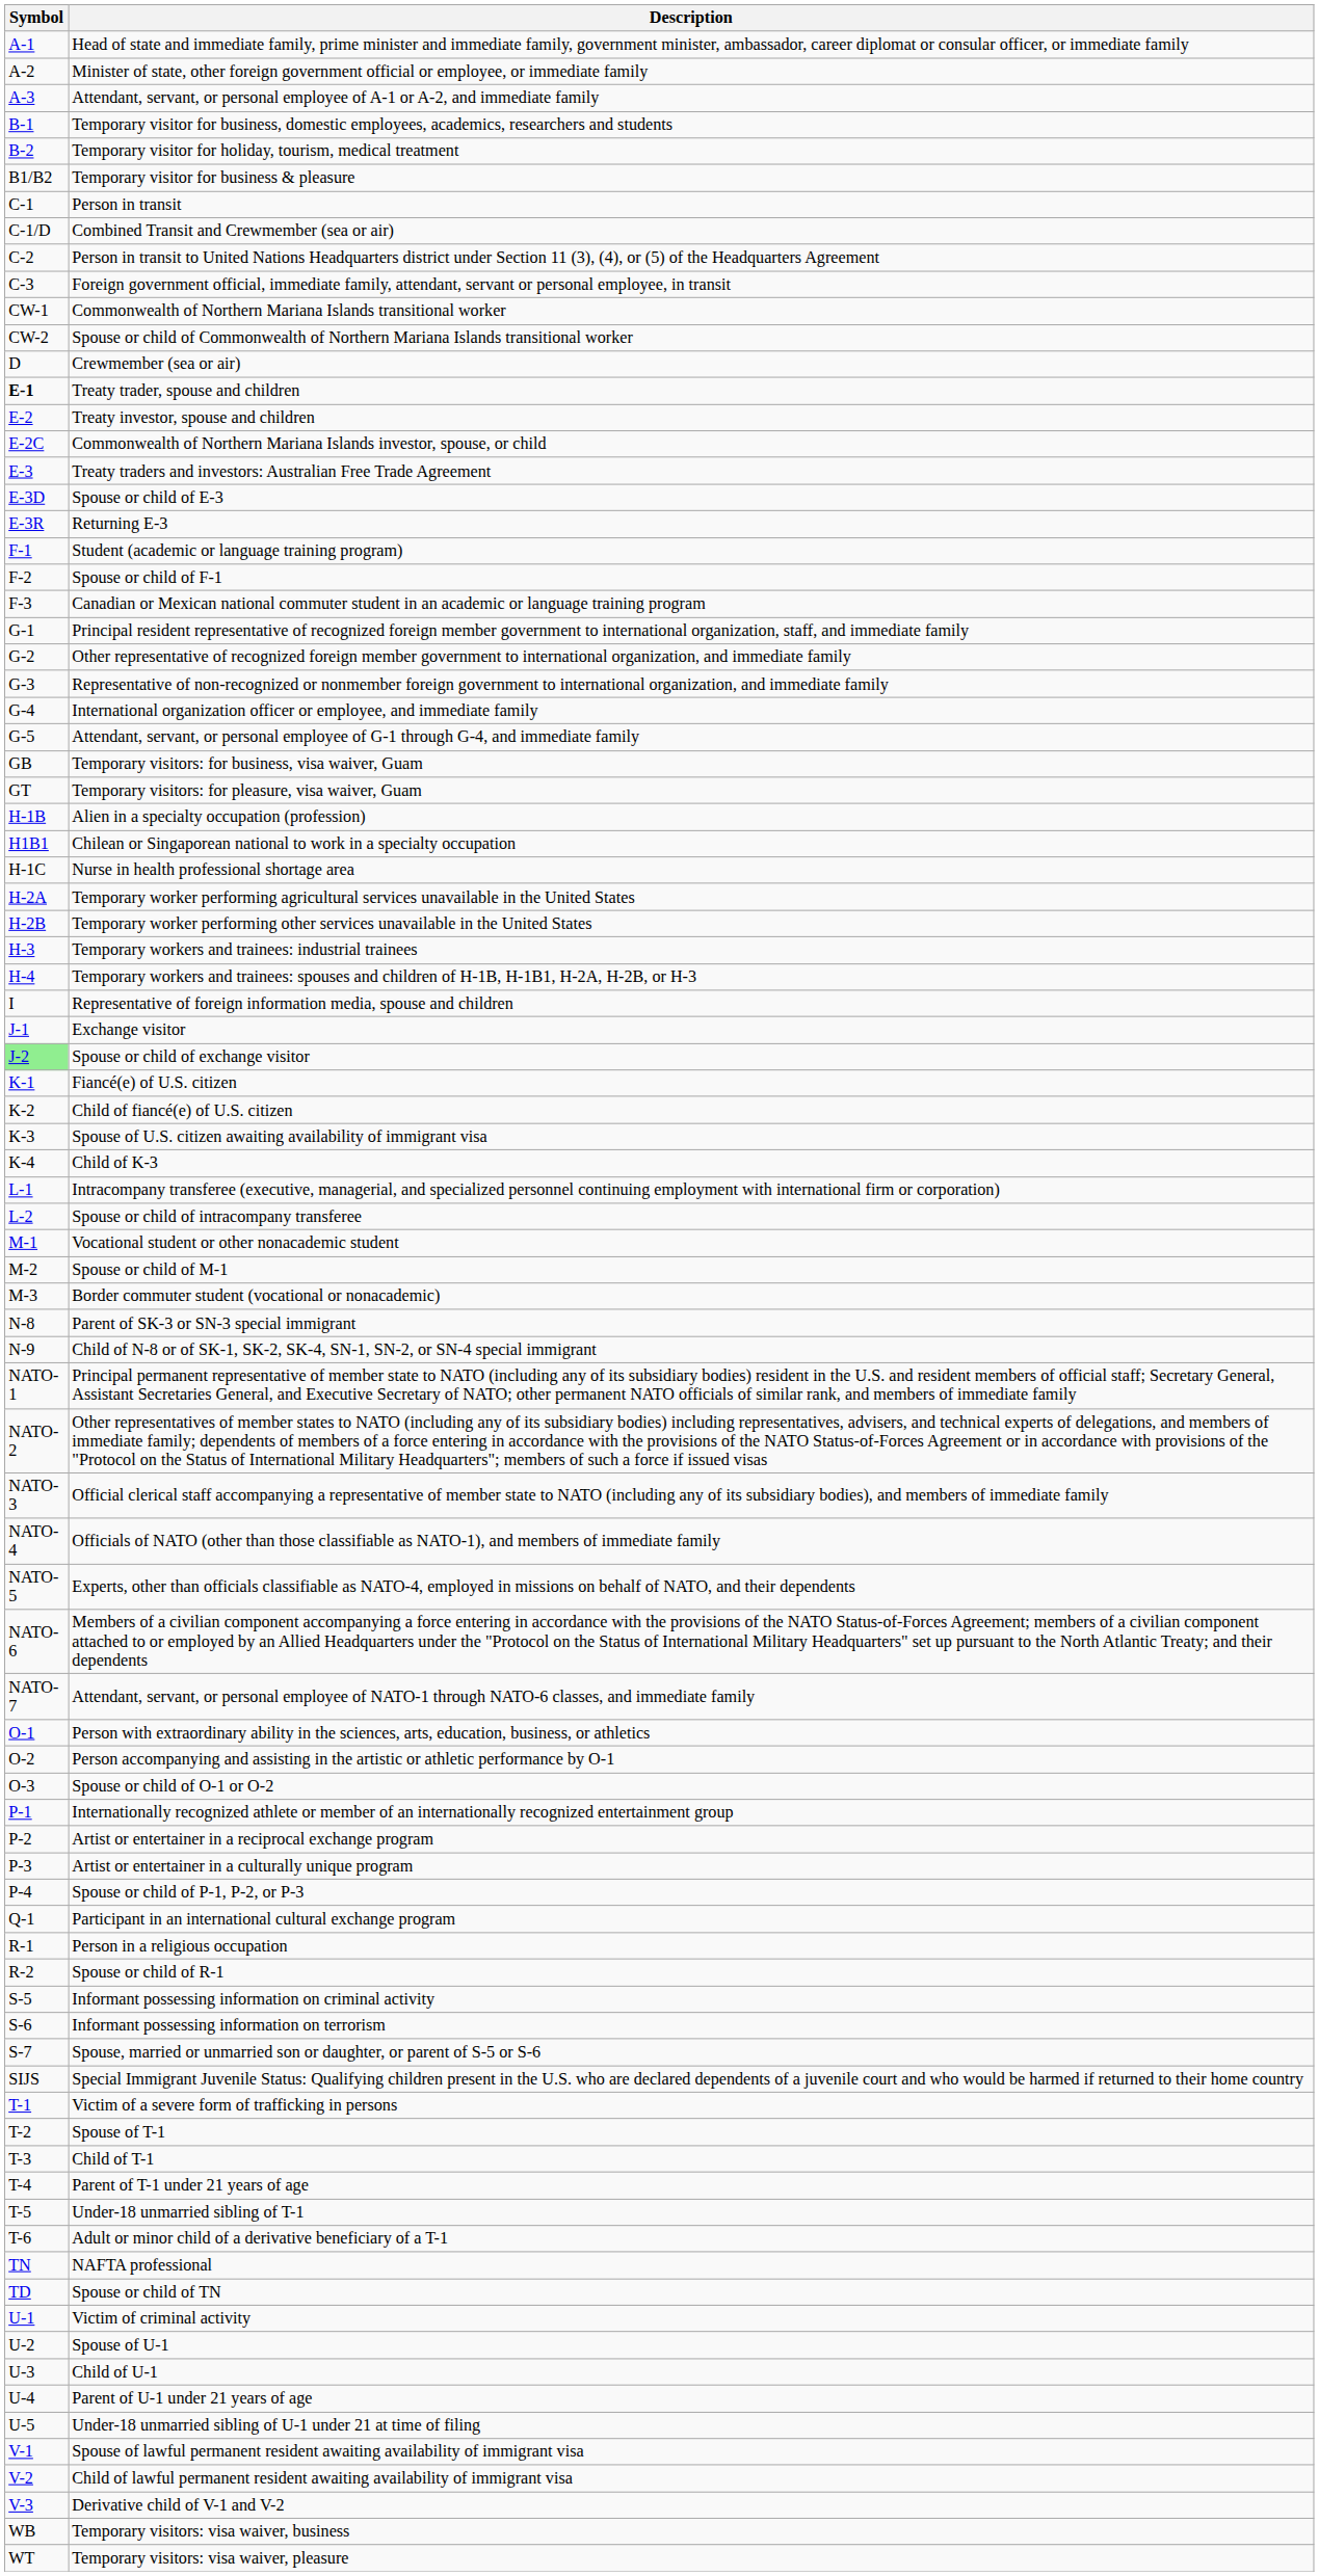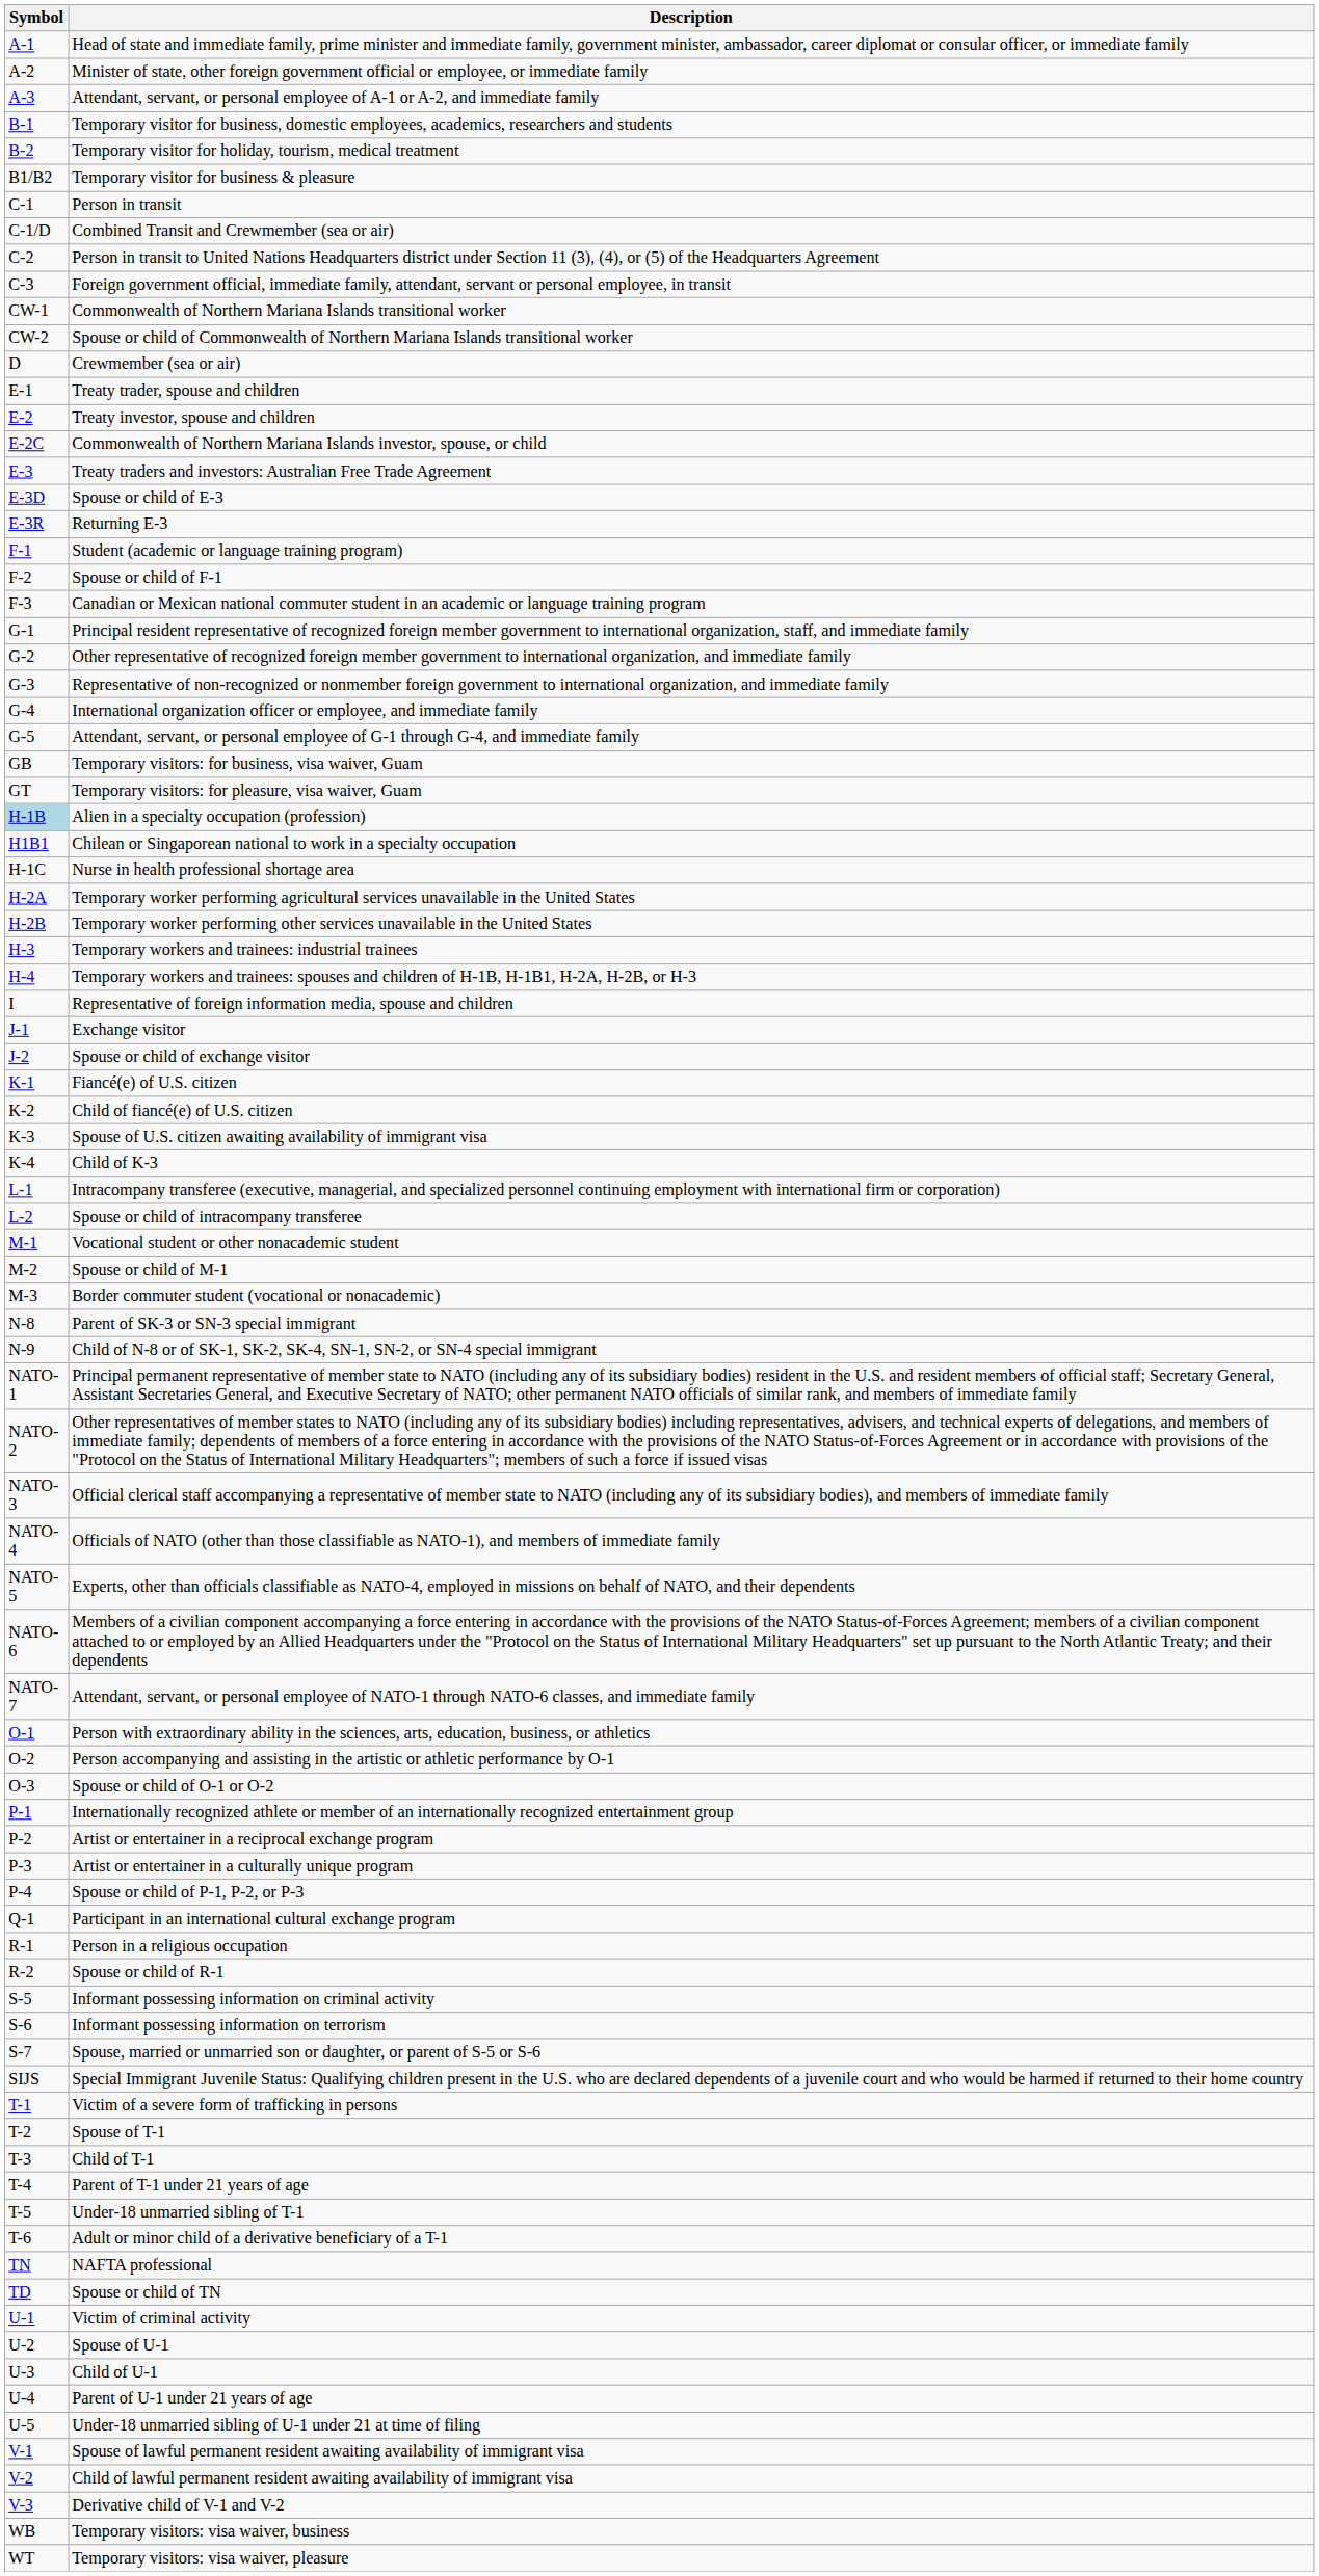 <table class="wikitable collapsible">
 <tr>
 <th>Symbol</th>
 <th>Description</th>
 </tr>
 <tr>
 <td><a href='#'>A-1</a></td>
 <td>Head of state and immediate family, prime minister and immediate family, government minister, ambassador, career diplomat or consular officer, or immediate family</td>
 </tr>
 <tr>
 <td>A-2</td>
 <td>Minister of state, other foreign government official or employee, or immediate family</td>
 </tr>
 <tr>
 <td><a href='#'>A-3</a></td>
 <td>Attendant, servant, or personal employee of A-1 or A-2, and immediate family</td>
 </tr>
 <tr>
 <td><a href='#'>B-1</a></td>
 <td>Temporary visitor for business, domestic employees, academics, researchers and students</td>
 </tr>
 <tr>
 <td><a href='#'>B-2</a></td>
 <td>Temporary visitor for holiday, tourism, medical treatment</td>
 </tr>
 <tr>
 <td>B1/B2</td>
 <td>Temporary visitor for business & pleasure</td>
 </tr>
 <tr>
 <td>C-1</td>
 <td>Person in transit</td>
 </tr>
 <tr>
 <td>C-1/D</td>
 <td>Combined Transit and Crewmember (sea or air)</td>
 </tr>
 <tr>
 <td>C-2</td>
 <td>Person in transit to United Nations Headquarters district under Section 11 (3), (4), or (5) of the Headquarters Agreement</td>
 </tr>
 <tr>
 <td>C-3</td>
 <td>Foreign government official, immediate family, attendant, servant or personal employee, in transit</td>
 </tr>
 <tr>
 <td>CW-1</td>
 <td>Commonwealth of Northern Mariana Islands transitional worker</td>
 </tr>
 <tr>
 <td>CW-2</td>
 <td>Spouse or child of Commonwealth of Northern Mariana Islands transitional worker</td>
 </tr>
 <tr>
 <td>D</td>
 <td>Crewmember (sea or air)</td>
 </tr>
 <tr>
-<td><strong>E-1</strong></td>
+<td>E-1</td>
 <td>Treaty trader, spouse and children</td>
 </tr>
 <tr>
 <td><a href='#'>E-2</a></td>
 <td>Treaty investor, spouse and children</td>
 </tr>
 <tr>
 <td><a href='#'>E-2C</a></td>
 <td>Commonwealth of Northern Mariana Islands investor, spouse, or child</td>
 </tr>
 <tr>
 <td><a href='#'>E-3</a></td>
 <td>Treaty traders and investors: Australian Free Trade Agreement</td>
 </tr>
 <tr>
 <td><a href='#'>E-3D</a></td>
 <td>Spouse or child of E-3</td>
 </tr>
 <tr>
 <td><a href='#'>E-3R</a></td>
 <td>Returning E-3</td>
 </tr>
 <tr>
 <td><a href='#'>F-1</a></td>
 <td>Student (academic or language training program)</td>
 </tr>
 <tr>
 <td>F-2</td>
 <td>Spouse or child of F-1</td>
 </tr>
 <tr>
 <td>F-3</td>
 <td>Canadian or Mexican national commuter student in an academic or language training program</td>
 </tr>
 <tr>
 <td>G-1</td>
 <td>Principal resident representative of recognized foreign member government to international organization, staff, and immediate family</td>
 </tr>
 <tr>
 <td>G-2</td>
 <td>Other representative of recognized foreign member government to international organization, and immediate family</td>
 </tr>
 <tr>
 <td>G-3</td>
 <td>Representative of non-recognized or nonmember foreign government to international organization, and immediate family</td>
 </tr>
 <tr>
 <td>G-4</td>
 <td>International organization officer or employee, and immediate family</td>
 </tr>
 <tr>
 <td>G-5</td>
 <td>Attendant, servant, or personal employee of G-1 through G-4, and immediate family</td>
 </tr>
 <tr>
 <td>GB</td>
 <td>Temporary visitors: for business, visa waiver, Guam</td>
 </tr>
 <tr>
 <td>GT</td>
 <td>Temporary visitors: for pleasure, visa waiver, Guam</td>
 </tr>
 <tr>
-<td><a href='#'>H-1B</a></td>
+<td style="background: lightblue;"><a href='#'>H-1B</a></td>
 <td>Alien in a specialty occupation (profession)</td>
 </tr>
 <tr>
 <td><a href='#'>H1B1</a></td>
 <td>Chilean or Singaporean national to work in a specialty occupation</td>
 </tr>
 <tr>
 <td>H-1C</td>
 <td>Nurse in health professional shortage area</td>
 </tr>
 <tr>
 <td><a href='#'>H-2A</a></td>
 <td>Temporary worker performing agricultural services unavailable in the United States</td>
 </tr>
 <tr>
 <td><a href='#'>H-2B</a></td>
 <td>Temporary worker performing other services unavailable in the United States</td>
 </tr>
 <tr>
 <td><a href='#'>H-3</a></td>
 <td>Temporary workers and trainees: industrial trainees</td>
 </tr>
 <tr>
 <td><a href='#'>H-4</a></td>
 <td>Temporary workers and trainees: spouses and children of H-1B, H-1B1, H-2A, H-2B, or H-3</td>
 </tr>
 <tr>
 <td>I</td>
 <td>Representative of foreign information media, spouse and children</td>
 </tr>
 <tr>
 <td><a href='#'>J-1</a></td>
 <td>Exchange visitor</td>
 </tr>
 <tr>
-<td style="background: lightgreen;"><a href='#'>J-2</a></td>
+<td><a href='#'>J-2</a></td>
 <td>Spouse or child of exchange visitor</td>
 </tr>
 <tr>
 <td><a href='#'>K-1</a></td>
 <td>Fiancé(e) of U.S. citizen</td>
 </tr>
 <tr>
 <td>K-2</td>
 <td>Child of fiancé(e) of U.S. citizen</td>
 </tr>
 <tr>
 <td>K-3</td>
 <td>Spouse of U.S. citizen awaiting availability of immigrant visa</td>
 </tr>
 <tr>
 <td>K-4</td>
 <td>Child of K-3</td>
 </tr>
 <tr>
 <td><a href='#'>L-1</a></td>
 <td>Intracompany transferee (executive, managerial, and specialized personnel continuing employment with international firm or corporation)</td>
 </tr>
 <tr>
 <td><a href='#'>L-2</a></td>
 <td>Spouse or child of intracompany transferee</td>
 </tr>
 <tr>
 <td><a href='#'>M-1</a></td>
 <td>Vocational student or other nonacademic student</td>
 </tr>
 <tr>
 <td>M-2</td>
 <td>Spouse or child of M-1</td>
 </tr>
 <tr>
 <td>M-3</td>
 <td>Border commuter student (vocational or nonacademic)</td>
 </tr>
 <tr>
 <td>N-8</td>
 <td>Parent of SK-3 or SN-3 special immigrant</td>
 </tr>
 <tr>
 <td>N-9</td>
 <td>Child of N-8 or of SK-1, SK-2, SK-4, SN-1, SN-2, or SN-4 special immigrant</td>
 </tr>
 <tr>
 <td>NATO-1</td>
 <td>Principal permanent representative of member state to NATO (including any of its subsidiary bodies) resident in the U.S. and resident members of official staff; Secretary General, Assistant Secretaries General, and Executive Secretary of NATO; other permanent NATO officials of similar rank, and members of immediate family</td>
 </tr>
 <tr>
 <td>NATO-2</td>
 <td>Other representatives of member states to NATO (including any of its subsidiary bodies) including representatives, advisers, and technical experts of delegations, and members of immediate family; dependents of members of a force entering in accordance with the provisions of the NATO Status-of-Forces Agreement or in accordance with provisions of the "Protocol on the Status of International Military Headquarters"; members of such a force if issued visas</td>
 </tr>
 <tr>
 <td>NATO-3</td>
 <td>Official clerical staff accompanying a representative of member state to NATO (including any of its subsidiary bodies), and members of immediate family</td>
 </tr>
 <tr>
 <td>NATO-4</td>
 <td>Officials of NATO (other than those classifiable as NATO-1), and members of immediate family</td>
 </tr>
 <tr>
 <td>NATO-5</td>
 <td>Experts, other than officials classifiable as NATO-4, employed in missions on behalf of NATO, and their dependents</td>
 </tr>
 <tr>
 <td>NATO-6</td>
 <td>Members of a civilian component accompanying a force entering in accordance with the provisions of the NATO Status-of-Forces Agreement; members of a civilian component attached to or employed by an Allied Headquarters under the "Protocol on the Status of International Military Headquarters" set up pursuant to the North Atlantic Treaty; and their dependents</td>
 </tr>
 <tr>
 <td>NATO-7</td>
 <td>Attendant, servant, or personal employee of NATO-1 through NATO-6 classes, and immediate family</td>
 </tr>
 <tr>
 <td><a href='#'>O-1</a></td>
 <td>Person with extraordinary ability in the sciences, arts, education, business, or athletics</td>
 </tr>
 <tr>
 <td>O-2</td>
 <td>Person accompanying and assisting in the artistic or athletic performance by O-1</td>
 </tr>
 <tr>
 <td>O-3</td>
 <td>Spouse or child of O-1 or O-2</td>
 </tr>
 <tr>
 <td><a href='#'>P-1</a></td>
 <td>Internationally recognized athlete or member of an internationally recognized entertainment group</td>
 </tr>
 <tr>
 <td>P-2</td>
 <td>Artist or entertainer in a reciprocal exchange program</td>
 </tr>
 <tr>
 <td>P-3</td>
 <td>Artist or entertainer in a culturally unique program</td>
 </tr>
 <tr>
 <td>P-4</td>
 <td>Spouse or child of P-1, P-2, or P-3</td>
 </tr>
 <tr>
 <td>Q-1</td>
 <td>Participant in an international cultural exchange program</td>
 </tr>
 <tr>
 <td>R-1</td>
 <td>Person in a religious occupation</td>
 </tr>
 <tr>
 <td>R-2</td>
 <td>Spouse or child of R-1</td>
 </tr>
 <tr>
 <td>S-5</td>
 <td>Informant possessing information on criminal activity</td>
 </tr>
 <tr>
 <td>S-6</td>
 <td>Informant possessing information on terrorism</td>
 </tr>
 <tr>
 <td>S-7</td>
 <td>Spouse, married or unmarried son or daughter, or parent of S-5 or S-6</td>
 </tr>
 <tr>
 <td>SIJS</td>
 <td>Special Immigrant Juvenile Status: Qualifying children present in the U.S. who are declared dependents of a juvenile court and who would be harmed if returned to their home country</td>
 </tr>
 <tr>
 <td><a href='#'>T-1</a></td>
 <td>Victim of a severe form of trafficking in persons</td>
 </tr>
 <tr>
 <td>T-2</td>
 <td>Spouse of T-1</td>
 </tr>
 <tr>
 <td>T-3</td>
 <td>Child of T-1</td>
 </tr>
 <tr>
 <td>T-4</td>
 <td>Parent of T-1 under 21 years of age</td>
 </tr>
 <tr>
 <td>T-5</td>
 <td>Under-18 unmarried sibling of T-1</td>
 </tr>
 <tr>
 <td>T-6</td>
 <td>Adult or minor child of a derivative beneficiary of a T-1</td>
 </tr>
 <tr>
 <td><a href='#'>TN</a></td>
 <td>NAFTA professional</td>
 </tr>
 <tr>
 <td><a href='#'>TD</a></td>
 <td>Spouse or child of TN</td>
 </tr>
 <tr>
 <td><a href='#'>U-1</a></td>
 <td>Victim of criminal activity</td>
 </tr>
 <tr>
 <td>U-2</td>
 <td>Spouse of U-1</td>
 </tr>
 <tr>
 <td>U-3</td>
 <td>Child of U-1</td>
 </tr>
 <tr>
 <td>U-4</td>
 <td>Parent of U-1 under 21 years of age</td>
 </tr>
 <tr>
 <td>U-5</td>
 <td>Under-18 unmarried sibling of U-1 under 21 at time of filing</td>
 </tr>
 <tr>
 <td><a href='#'>V-1</a></td>
 <td>Spouse of lawful permanent resident awaiting availability of immigrant visa</td>
 </tr>
 <tr>
 <td><a href='#'>V-2</a></td>
 <td>Child of lawful permanent resident awaiting availability of immigrant visa</td>
 </tr>
 <tr>
 <td><a href='#'>V-3</a></td>
 <td>Derivative child of V-1 and V-2</td>
 </tr>
 <tr>
 <td>WB</td>
 <td>Temporary visitors: visa waiver, business</td>
 </tr>
 <tr>
 <td>WT</td>
 <td>Temporary visitors: visa waiver, pleasure</td>
 </tr>
 </table>
